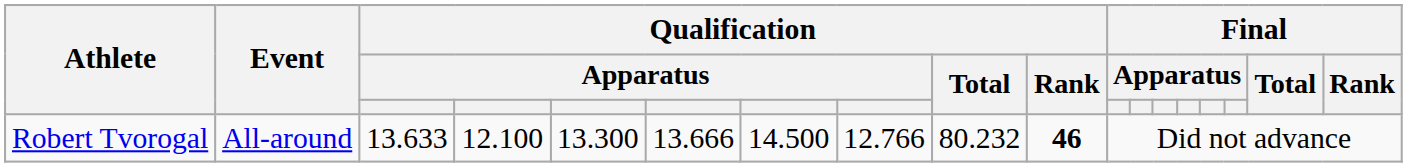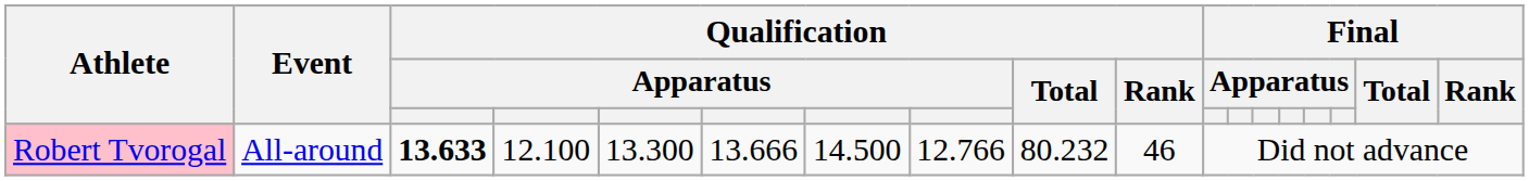 <table class="wikitable" style="font-size:90%">
 <tr>
 <th rowspan=3>Athlete</th>
 <th rowspan=3>Event</th>
 <th colspan =8>Qualification</th>
 <th colspan =8>Final</th>
 </tr>
 <tr style="font-size:95%">
 <th colspan=6>Apparatus</th>
 <th rowspan=2>Total</th>
 <th rowspan=2>Rank</th>
 <th colspan=6>Apparatus</th>
 <th rowspan=2>Total</th>
 <th rowspan=2>Rank</th>
 </tr>
 <tr style="font-size:95%">
 <th></th>
 <th></th>
 <th></th>
 <th></th>
 <th></th>
 <th></th>
 <th></th>
 <th></th>
 <th></th>
 <th></th>
 <th></th>
 <th></th>
 </tr>
 <tr align=center>
-<td align=left><a href='#'>Robert Tvorogal</a></td>
+<td align=left style="background: pink;"><a href='#'>Robert Tvorogal</a></td>
 <td align=left><a href='#'>All-around</a></td>
-<td>13.633</td>
+<td><strong>13.633</strong></td>
 <td>12.100</td>
 <td>13.300</td>
 <td>13.666</td>
 <td>14.500</td>
 <td>12.766</td>
 <td>80.232</td>
-<td><strong>46</strong></td>
+<td>46</td>
 <td colspan=8>Did not advance</td>
 </tr>
 </table>
